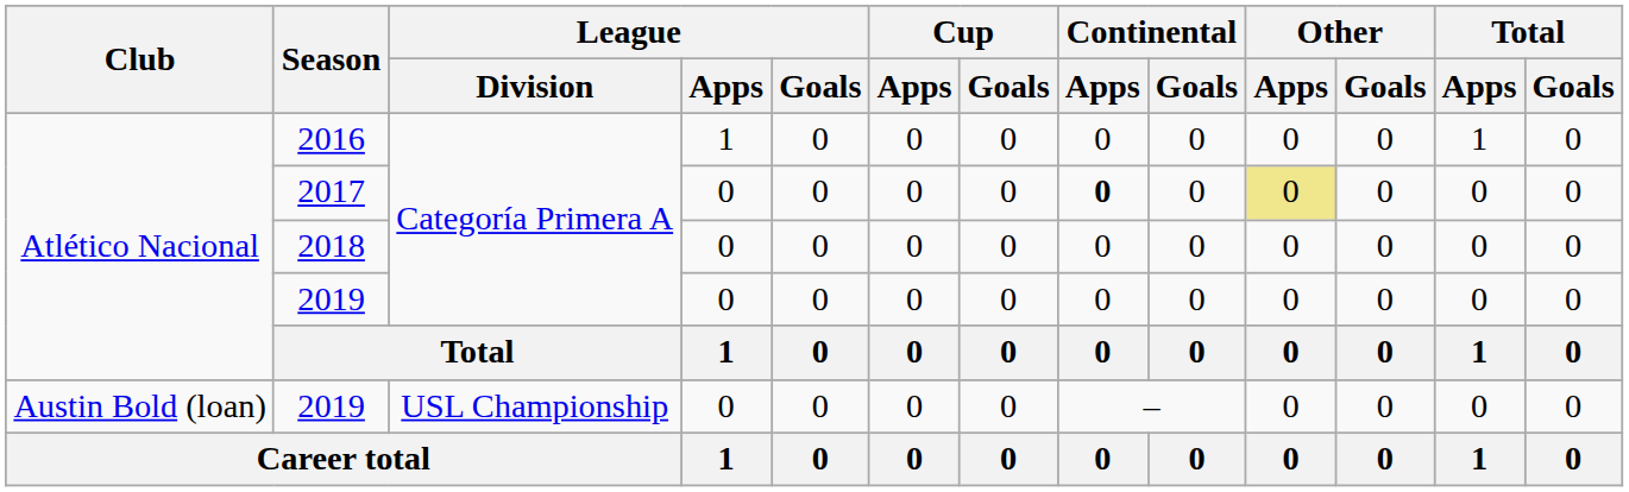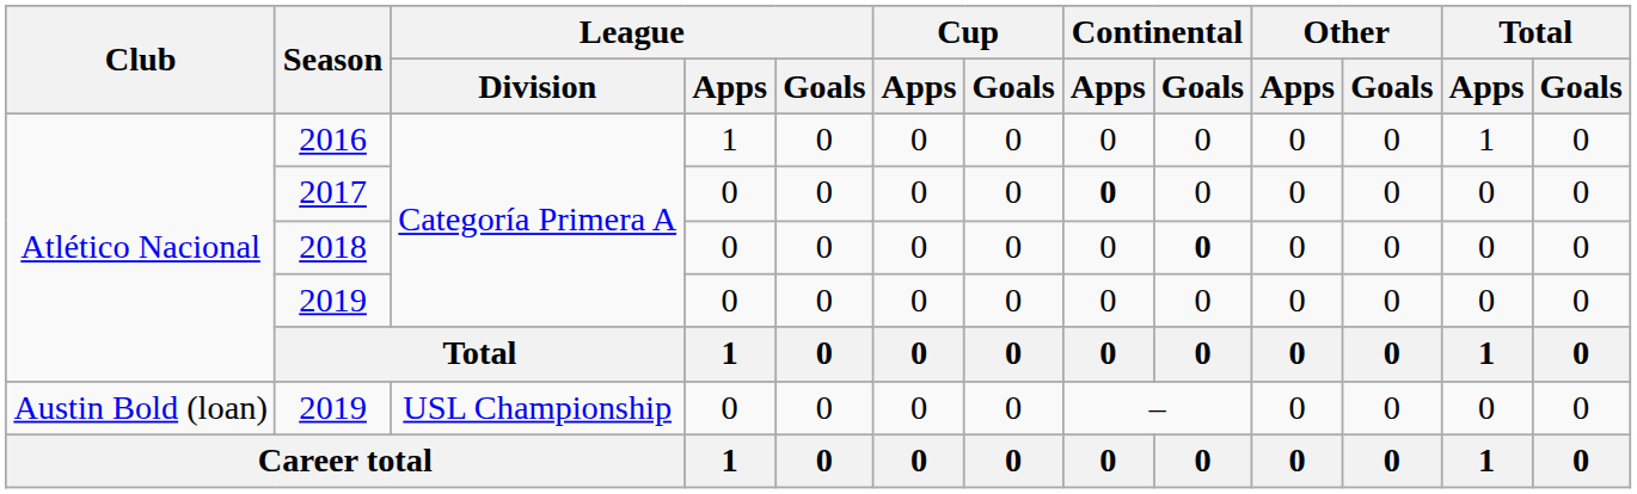 <table class="wikitable" style="text-align: center">
 <tr>
 <th rowspan="2">Club</th>
 <th rowspan="2">Season</th>
 <th colspan="3">League</th>
 <th colspan="2">Cup</th>
 <th colspan="2">Continental</th>
 <th colspan="2">Other</th>
 <th colspan="2">Total</th>
 </tr>
 <tr>
 <th>Division</th>
 <th>Apps</th>
 <th>Goals</th>
 <th>Apps</th>
 <th>Goals</th>
 <th>Apps</th>
 <th>Goals</th>
 <th>Apps</th>
 <th>Goals</th>
 <th>Apps</th>
 <th>Goals</th>
 </tr>
 <tr>
 <td rowspan="5"><a href='#'>Atlético Nacional</a></td>
 <td><a href='#'>2016</a></td>
 <td rowspan="4"><a href='#'>Categoría Primera A</a></td>
 <td>1</td>
 <td>0</td>
 <td>0</td>
 <td>0</td>
 <td>0</td>
 <td>0</td>
 <td>0</td>
 <td>0</td>
 <td>1</td>
 <td>0</td>
 </tr>
 <tr>
 <td><a href='#'>2017</a></td>
 <td>0</td>
 <td>0</td>
 <td>0</td>
 <td>0</td>
 <td><strong>0</strong></td>
 <td>0</td>
-<td style="background: khaki;">0</td>
+<td>0</td>
 <td>0</td>
 <td>0</td>
 <td>0</td>
 </tr>
 <tr>
 <td><a href='#'>2018</a></td>
 <td>0</td>
 <td>0</td>
 <td>0</td>
 <td>0</td>
 <td>0</td>
-<td>0</td>
+<td><strong>0</strong></td>
 <td>0</td>
 <td>0</td>
 <td>0</td>
 <td>0</td>
 </tr>
 <tr>
 <td><a href='#'>2019</a></td>
 <td>0</td>
 <td>0</td>
 <td>0</td>
 <td>0</td>
 <td>0</td>
 <td>0</td>
 <td>0</td>
 <td>0</td>
 <td>0</td>
 <td>0</td>
 </tr>
 <tr>
 <th colspan="2"><strong>Total</strong></th>
 <th>1</th>
 <th>0</th>
 <th>0</th>
 <th>0</th>
 <th>0</th>
 <th>0</th>
 <th>0</th>
 <th>0</th>
 <th>1</th>
 <th>0</th>
 </tr>
 <tr>
 <td><a href='#'>Austin Bold</a> (loan)</td>
 <td><a href='#'>2019</a></td>
 <td><a href='#'>USL Championship</a></td>
 <td>0</td>
 <td>0</td>
 <td>0</td>
 <td>0</td>
 <td colspan="2">–</td>
 <td>0</td>
 <td>0</td>
 <td>0</td>
 <td>0</td>
 </tr>
 <tr>
 <th colspan="3"><strong>Career total</strong></th>
 <th>1</th>
 <th>0</th>
 <th>0</th>
 <th>0</th>
 <th>0</th>
 <th>0</th>
 <th>0</th>
 <th>0</th>
 <th>1</th>
 <th>0</th>
 </tr>
 </table>
